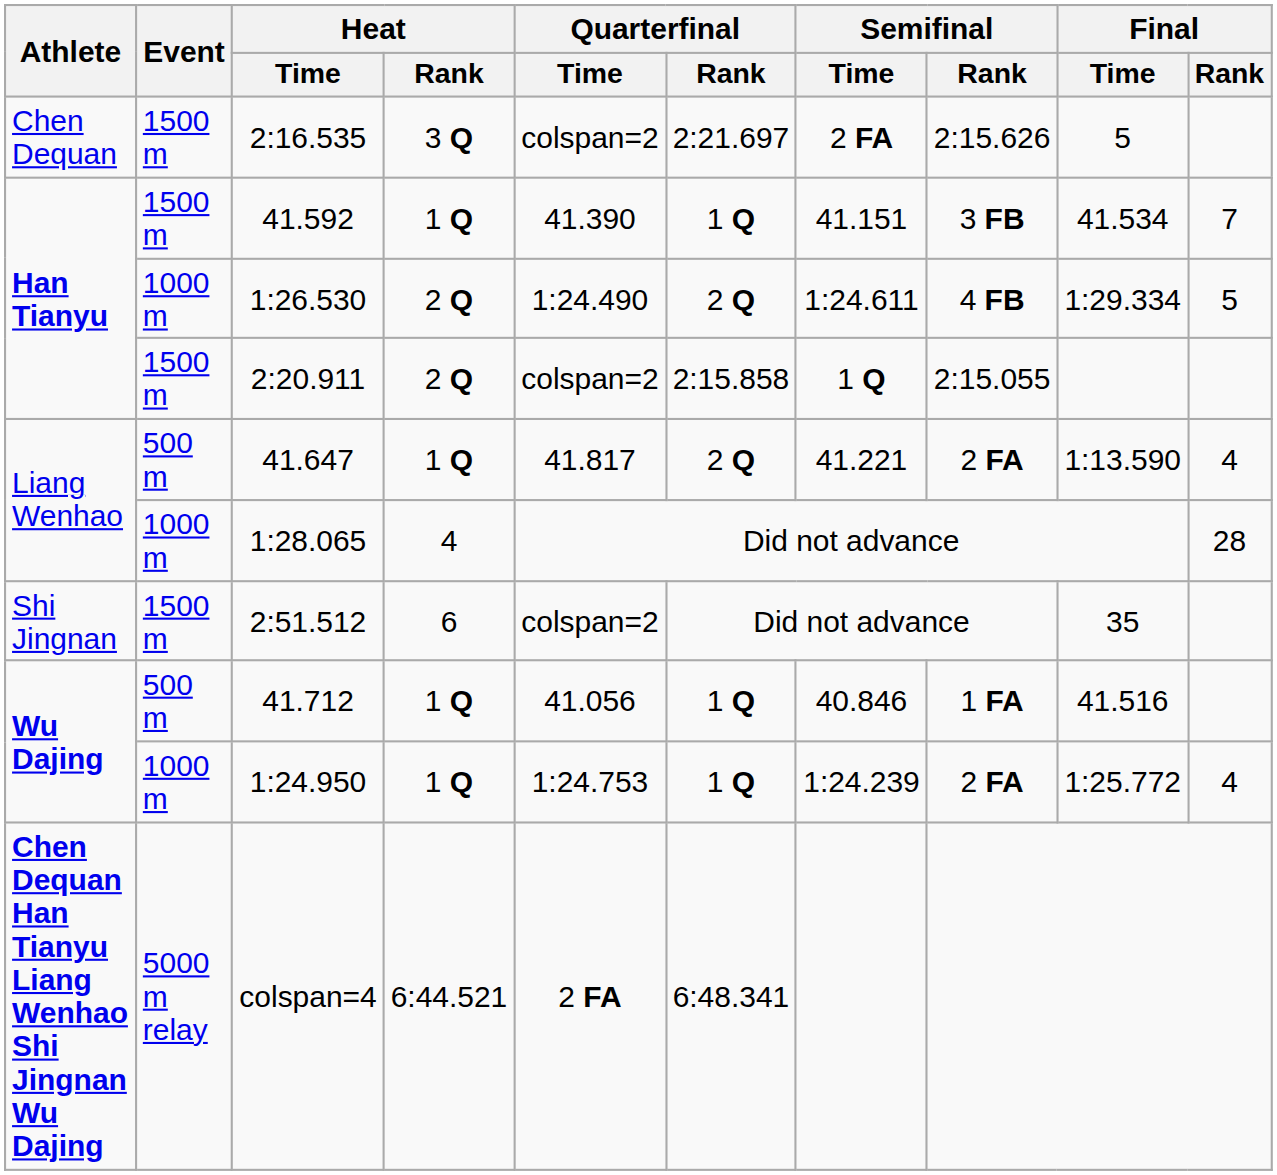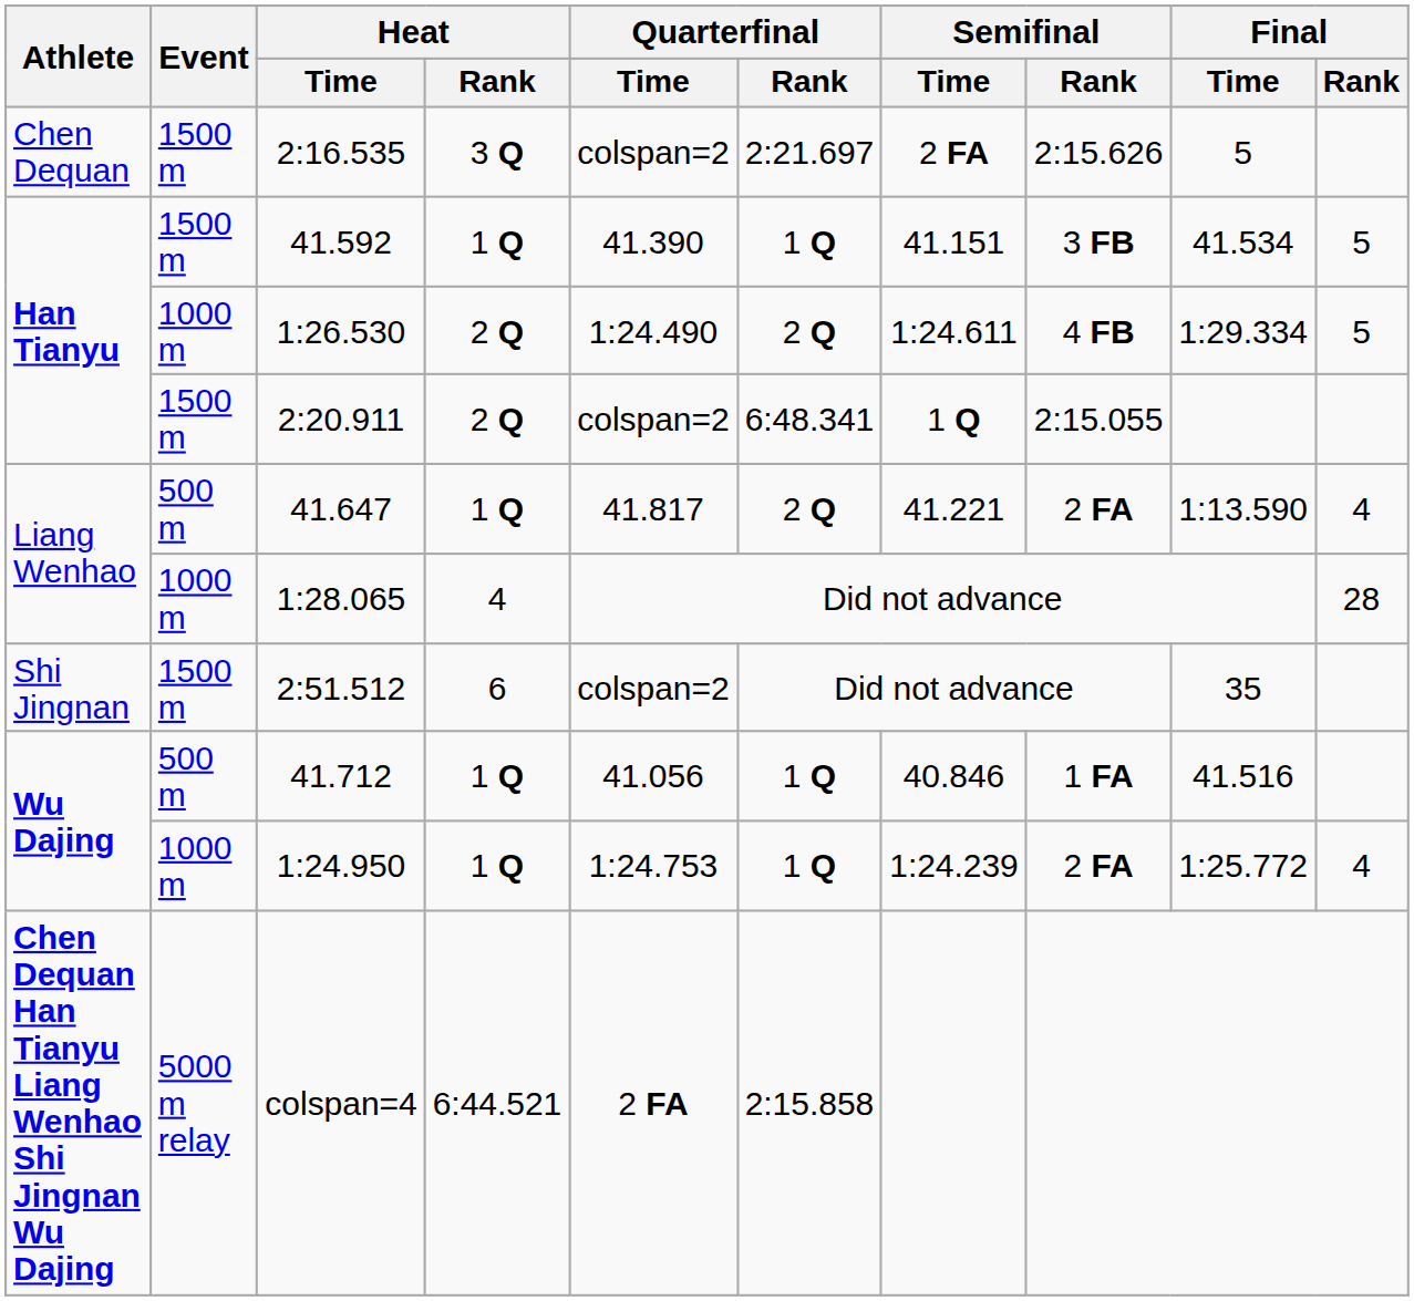 <table class="wikitable" style="font-size:90%">
 <tr>
 <th rowspan=2>Athlete</th>
 <th rowspan=2>Event</th>
 <th colspan=2>Heat</th>
 <th colspan=2>Quarterfinal</th>
 <th colspan=2>Semifinal</th>
 <th colspan=2>Final</th>
 </tr>
 <tr style="font-size:95%">
 <th>Time</th>
 <th>Rank</th>
 <th>Time</th>
 <th>Rank</th>
 <th>Time</th>
 <th>Rank</th>
 <th>Time</th>
 <th>Rank</th>
 </tr>
 <tr align=center>
 <td align=left><a href='#'>Chen Dequan</a></td>
 <td align=left><a href='#'>1500 m</a></td>
 <td>2:16.535</td>
 <td>3 <strong>Q</strong></td>
 <td>colspan=2 </td>
 <td>2:21.697</td>
 <td>2 <strong>FA</strong></td>
 <td>2:15.626</td>
 <td>5</td>
 </tr>
 <tr align=center>
 <td align=left rowspan=3><strong><a href='#'>Han Tianyu</a></strong></td>
 <td align=left><a href='#'>1500 m</a></td>
 <td>41.592</td>
 <td>1 <strong>Q</strong></td>
 <td>41.390</td>
 <td>1 <strong>Q</strong></td>
 <td>41.151</td>
 <td>3 <strong>FB</strong></td>
 <td>41.534</td>
-<td>7</td>
+<td>5</td>
 </tr>
 <tr align=center>
 <td align=left><a href='#'>1000 m</a></td>
 <td>1:26.530</td>
 <td>2 <strong>Q</strong></td>
 <td>1:24.490</td>
 <td>2 <strong>Q</strong></td>
 <td>1:24.611</td>
 <td>4 <strong>FB</strong></td>
 <td>1:29.334</td>
 <td>5</td>
 </tr>
 <tr align=center>
 <td align=left><a href='#'>1500 m</a></td>
 <td>2:20.911</td>
 <td>2 <strong>Q</strong></td>
 <td>colspan=2 </td>
-<td>2:15.858</td>
+<td>6:48.341</td>
 <td>1 <strong>Q</strong></td>
 <td>2:15.055</td>
 <td></td>
 </tr>
 <tr align=center>
 <td align=left rowspan=2><a href='#'>Liang Wenhao</a></td>
 <td align=left><a href='#'>500 m</a></td>
 <td>41.647</td>
 <td>1 <strong>Q</strong></td>
 <td>41.817</td>
 <td>2 <strong>Q</strong></td>
 <td>41.221</td>
 <td>2 <strong>FA</strong></td>
 <td>1:13.590</td>
 <td>4</td>
 </tr>
 <tr align=center>
 <td align=left><a href='#'>1000 m</a></td>
 <td>1:28.065</td>
 <td>4</td>
 <td colspan=5>Did not advance</td>
 <td>28</td>
 </tr>
 <tr align=center>
 <td align=left><a href='#'>Shi Jingnan</a></td>
 <td align=left><a href='#'>1500 m</a></td>
 <td>2:51.512</td>
 <td>6</td>
 <td>colspan=2 </td>
 <td colspan=3>Did not advance</td>
 <td>35</td>
 </tr>
 <tr align=center>
 <td align=left rowspan=2><strong><a href='#'>Wu Dajing</a></strong></td>
 <td align=left><a href='#'>500 m</a></td>
 <td>41.712</td>
 <td>1 <strong>Q</strong></td>
 <td>41.056</td>
 <td>1 <strong>Q</strong></td>
 <td>40.846</td>
 <td>1 <strong>FA</strong></td>
 <td>41.516</td>
 <td></td>
 </tr>
 <tr align=center>
 <td align=left><a href='#'>1000 m</a></td>
 <td>1:24.950</td>
 <td>1 <strong>Q</strong></td>
 <td>1:24.753</td>
 <td>1 <strong>Q</strong></td>
 <td>1:24.239</td>
 <td>2 <strong>FA</strong></td>
 <td>1:25.772</td>
 <td>4</td>
 </tr>
 <tr align=center>
 <td align=left><strong><a href='#'>Chen Dequan</a></strong><br><strong><a href='#'>Han Tianyu</a></strong><br><strong><a href='#'>Liang Wenhao</a></strong><br><strong><a href='#'>Shi Jingnan</a></strong><br><strong><a href='#'>Wu Dajing</a></strong></td>
 <td align=left><a href='#'>5000 m relay</a></td>
 <td>colspan=4 </td>
 <td>6:44.521</td>
 <td>2 <strong>FA</strong></td>
-<td>6:48.341</td>
+<td>2:15.858</td>
 <td></td>
 </tr>
 </table>
